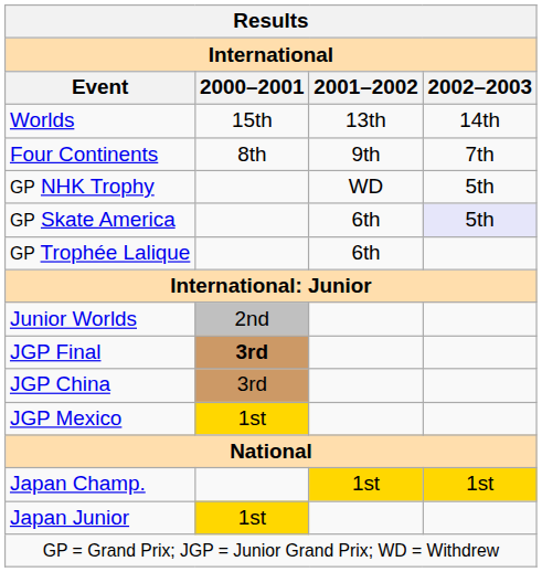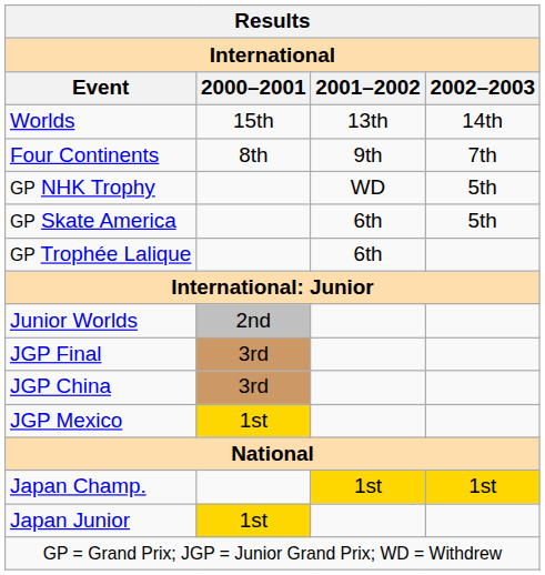 <table class="wikitable" style="text-align:center">
 <tr>
 <th colspan=8 align=center><strong>Results</strong></th>
 </tr>
 <tr>
 <th style="background-color: #ffdead; " colspan=4 align=center><strong>International</strong></th>
 </tr>
 <tr>
 <th>Event</th>
 <th>2000–2001</th>
 <th>2001–2002</th>
 <th>2002–2003</th>
 </tr>
 <tr>
 <td align=left><a href='#'>Worlds</a></td>
 <td>15th</td>
 <td>13th</td>
 <td>14th</td>
 </tr>
 <tr>
 <td align=left><a href='#'>Four Continents</a></td>
 <td>8th</td>
 <td>9th</td>
 <td>7th</td>
 </tr>
 <tr>
 <td align=left><small>GP</small> <a href='#'>NHK Trophy</a></td>
 <td></td>
 <td>WD</td>
 <td>5th</td>
 </tr>
 <tr>
 <td align=left><small>GP</small> <a href='#'>Skate America</a></td>
 <td></td>
 <td>6th</td>
-<td style="background: lavender;">5th</td>
+<td>5th</td>
 </tr>
 <tr>
 <td align=left><small>GP</small> <a href='#'>Trophée Lalique</a></td>
 <td></td>
 <td>6th</td>
 <td></td>
 </tr>
 <tr>
 <th style="background-color: #ffdead; " colspan=4 align=center><strong>International: Junior</strong></th>
 </tr>
 <tr>
 <td align=left><a href='#'>Junior Worlds</a></td>
 <td bgcolor=silver>2nd</td>
 <td></td>
 <td></td>
 </tr>
 <tr>
 <td align=left><a href='#'>JGP Final</a></td>
-<td bgcolor=cc9966><strong>3rd</strong></td>
+<td bgcolor=cc9966>3rd</td>
 <td></td>
 <td></td>
 </tr>
 <tr>
 <td align=left><a href='#'>JGP China</a></td>
 <td bgcolor=cc9966>3rd</td>
 <td></td>
 <td></td>
 </tr>
 <tr>
 <td align=left><a href='#'>JGP Mexico</a></td>
 <td bgcolor=gold>1st</td>
 <td></td>
 <td></td>
 </tr>
 <tr>
 <th style="background-color: #ffdead; " colspan=4 align=center><strong>National</strong></th>
 </tr>
 <tr>
 <td align=left><a href='#'>Japan Champ.</a></td>
 <td></td>
 <td bgcolor=gold>1st</td>
 <td bgcolor=gold>1st</td>
 </tr>
 <tr>
 <td align=left><a href='#'>Japan Junior</a></td>
 <td bgcolor=gold>1st</td>
 <td></td>
 <td></td>
 </tr>
 <tr>
 <td colspan=4 align=center><small> GP = Grand Prix; JGP = Junior Grand Prix; WD = Withdrew </small></td>
 </tr>
 </table>
